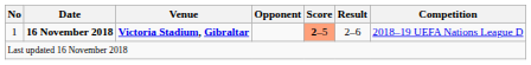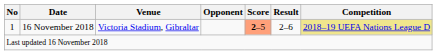 <table class="wikitable" style="font-size:85%;">
 <tr>
 <th>No</th>
 <th>Date</th>
 <th>Venue</th>
 <th>Opponent</th>
 <th>Score</th>
 <th>Result</th>
 <th>Competition</th>
 </tr>
 <tr>
 <td align=center>1</td>
-<td><strong>16 November 2018</strong></td>
-<td><strong><a href='#'>Victoria Stadium</a>, <a href='#'>Gibraltar</a></strong></td>
+<td>16 November 2018</td>
+<td><a href='#'>Victoria Stadium</a>, <a href='#'>Gibraltar</a></td>
 <td></td>
 <td align=center style="background: lightsalmon;"><strong>2</strong>–5</td>
 <td align=center>2–6</td>
-<td><a href='#'>2018–19 UEFA Nations League D</a></td>
+<td style="background: khaki;"><a href='#'>2018–19 UEFA Nations League D</a></td>
 </tr>
 <tr>
 <td colspan="7"><small>Last updated 16 November 2018</small></td>
 </tr>
 </table>
